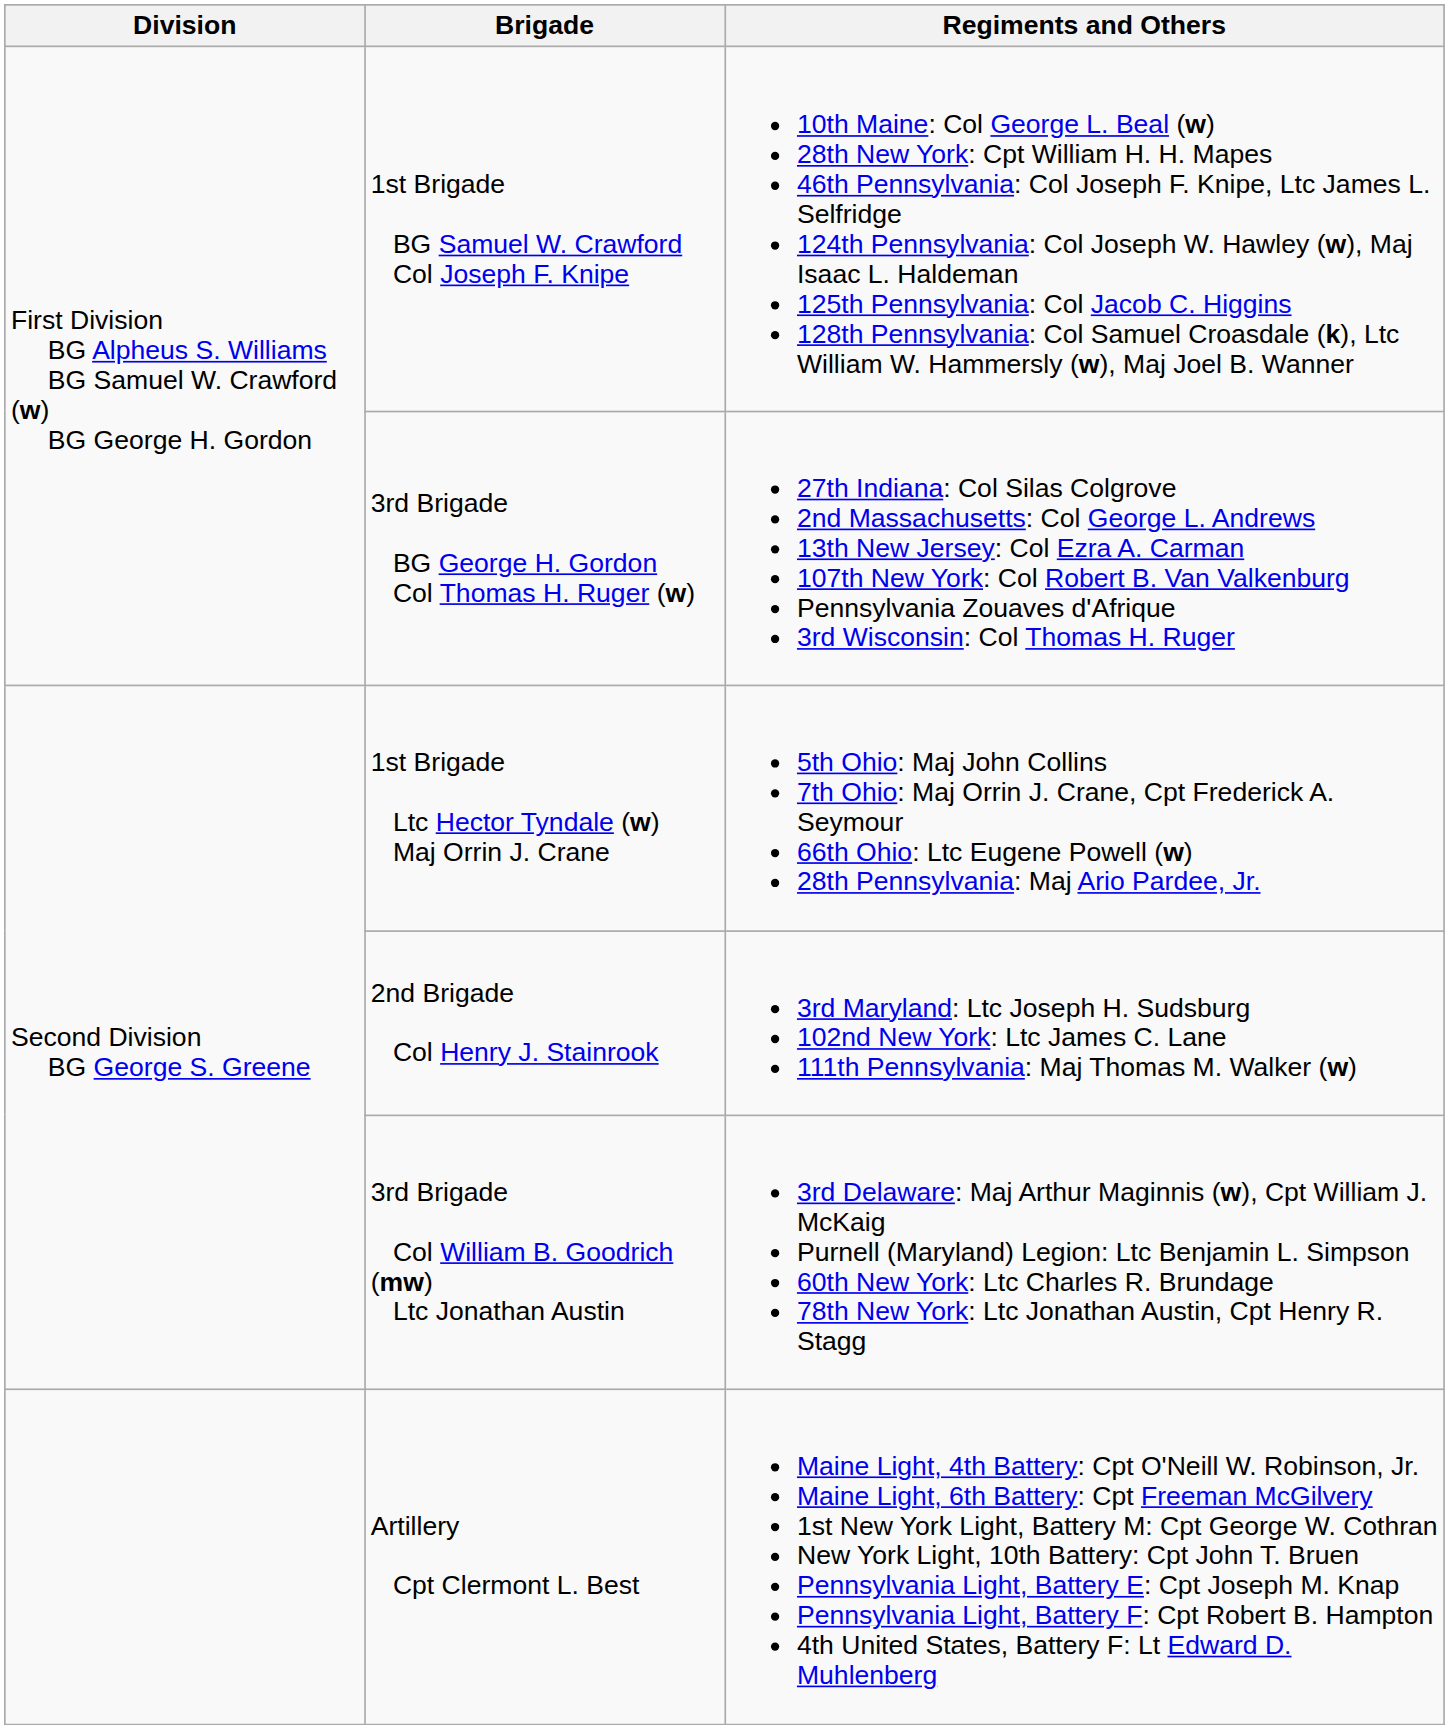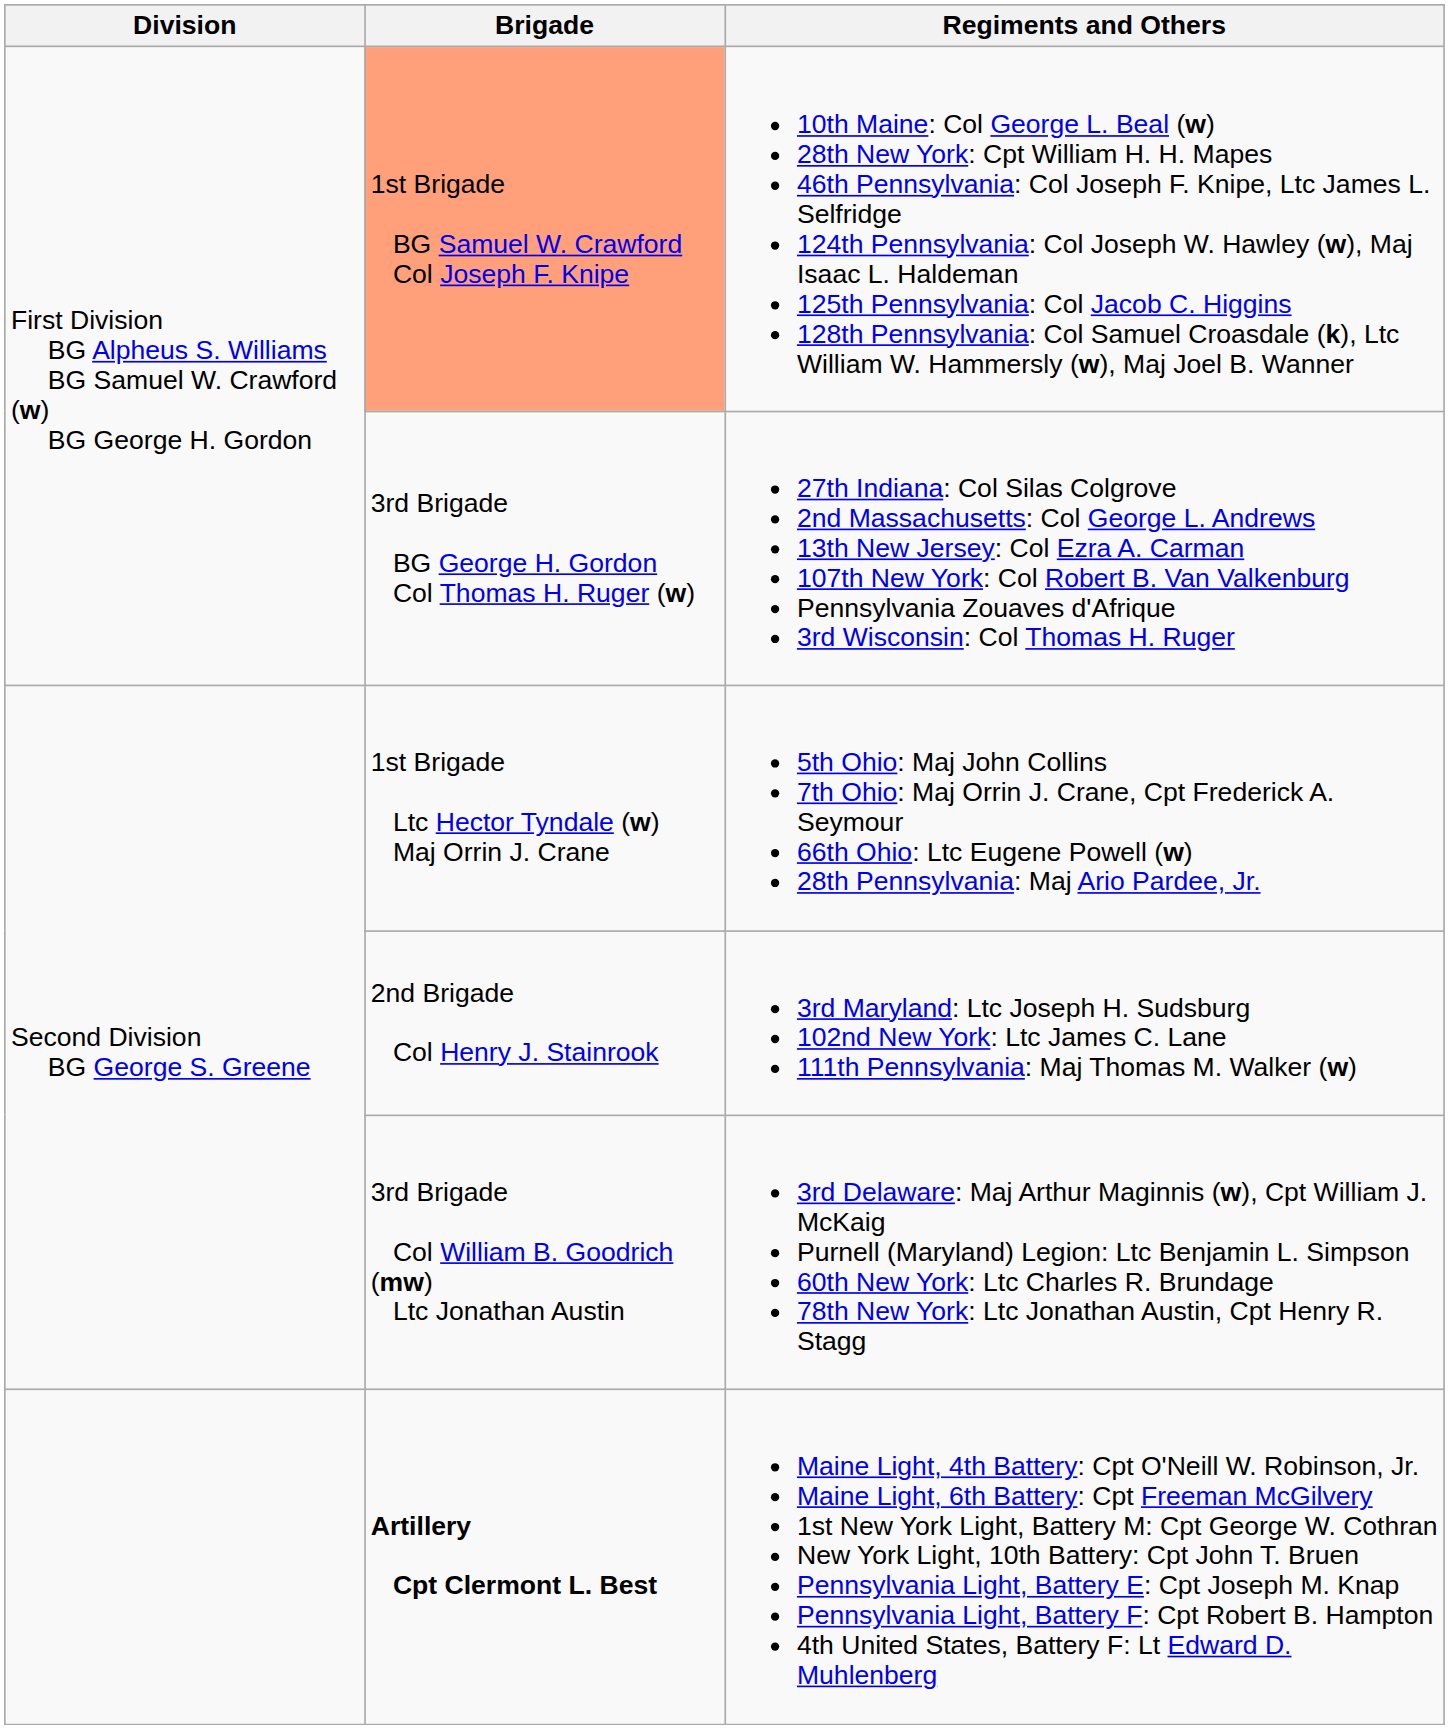 <table class="wikitable">
 <tr>
 <th width=25%>Division</th>
 <th width=25%>Brigade</th>
 <th>Regiments and Others</th>
 </tr>
 <tr>
 <td rowspan=2><br>First Division <br>     BG <a href='#'>Alpheus S. Williams</a> <br>     BG Samuel W. Crawford (<strong>w</strong>) <br>     BG George H. Gordon</td>
-<td>1st Brigade<br><br>   BG <a href='#'>Samuel W. Crawford</a>  <br>   Col <a href='#'>Joseph F. Knipe</a></td>
+<td style="background: lightsalmon;">1st Brigade<br><br>   BG <a href='#'>Samuel W. Crawford</a>  <br>   Col <a href='#'>Joseph F. Knipe</a></td>
 <td><br><ul><li><a href='#'>10th Maine</a>: Col <a href='#'>George L. Beal</a> (<strong>w</strong>)</li><li><a href='#'>28th New York</a>: Cpt William H. H. Mapes</li><li><a href='#'>46th Pennsylvania</a>: Col Joseph F. Knipe, Ltc James L. Selfridge</li><li><a href='#'>124th Pennsylvania</a>: Col Joseph W. Hawley (<strong>w</strong>), Maj Isaac L. Haldeman</li><li><a href='#'>125th Pennsylvania</a>: Col <a href='#'>Jacob C. Higgins</a></li><li><a href='#'>128th Pennsylvania</a>: Col Samuel Croasdale (<strong>k</strong>), Ltc William W. Hammersly (<strong>w</strong>), Maj Joel B. Wanner</li></ul></td>
 </tr>
 <tr>
 <td>3rd Brigade<br><br>   BG <a href='#'>George H. Gordon</a> <br>   Col <a href='#'>Thomas H. Ruger</a> (<strong>w</strong>)</td>
 <td><br><ul><li><a href='#'>27th Indiana</a>: Col Silas Colgrove</li><li><a href='#'>2nd Massachusetts</a>: Col <a href='#'>George L. Andrews</a></li><li><a href='#'>13th New Jersey</a>: Col <a href='#'>Ezra A. Carman</a></li><li><a href='#'>107th New York</a>: Col <a href='#'>Robert B. Van Valkenburg</a></li><li>Pennsylvania Zouaves d'Afrique</li><li><a href='#'>3rd Wisconsin</a>: Col <a href='#'>Thomas H. Ruger</a></li></ul></td>
 </tr>
 <tr>
 <td rowspan=3><br>Second Division <br>     BG <a href='#'>George S. Greene</a></td>
 <td>1st Brigade<br><br>   Ltc <a href='#'>Hector Tyndale</a> (<strong>w</strong>) <br>   Maj Orrin J. Crane</td>
 <td><br><ul><li><a href='#'>5th Ohio</a>: Maj John Collins</li><li><a href='#'>7th Ohio</a>: Maj Orrin J. Crane, Cpt Frederick A. Seymour</li><li><a href='#'>66th Ohio</a>: Ltc Eugene Powell (<strong>w</strong>)</li><li><a href='#'>28th Pennsylvania</a>: Maj <a href='#'>Ario Pardee, Jr.</a></li></ul></td>
 </tr>
 <tr>
 <td>2nd Brigade<br><br>   Col <a href='#'>Henry J. Stainrook</a></td>
 <td><br><ul><li><a href='#'>3rd Maryland</a>: Ltc Joseph H. Sudsburg</li><li><a href='#'>102nd New York</a>: Ltc James C. Lane</li><li><a href='#'>111th Pennsylvania</a>: Maj Thomas M. Walker (<strong>w</strong>)</li></ul></td>
 </tr>
 <tr>
 <td>3rd Brigade<br><br>   Col <a href='#'>William B. Goodrich</a> (<strong>mw</strong>) <br>   Ltc Jonathan Austin</td>
 <td><br><ul><li><a href='#'>3rd Delaware</a>: Maj Arthur Maginnis (<strong>w</strong>), Cpt William J. McKaig</li><li>Purnell (Maryland) Legion: Ltc Benjamin L. Simpson</li><li><a href='#'>60th New York</a>: Ltc Charles R. Brundage</li><li><a href='#'>78th New York</a>: Ltc Jonathan Austin, Cpt Henry R. Stagg</li></ul></td>
 </tr>
 <tr>
 <td></td>
-<td>Artillery<br><br>   Cpt Clermont L. Best</td>
+<td><strong>Artillery<br><br>   Cpt Clermont L. Best</strong></td>
 <td><br><ul><li><a href='#'>Maine Light, 4th Battery</a>: Cpt O'Neill W. Robinson, Jr.</li><li><a href='#'>Maine Light, 6th Battery</a>: Cpt <a href='#'>Freeman McGilvery</a></li><li>1st New York Light, Battery M: Cpt George W. Cothran</li><li>New York Light, 10th Battery: Cpt John T. Bruen</li><li><a href='#'>Pennsylvania Light, Battery E</a>: Cpt Joseph M. Knap</li><li><a href='#'>Pennsylvania Light, Battery F</a>: Cpt Robert B. Hampton</li><li>4th United States, Battery F: Lt <a href='#'>Edward D. Muhlenberg</a></li></ul></td>
 </tr>
 </table>
